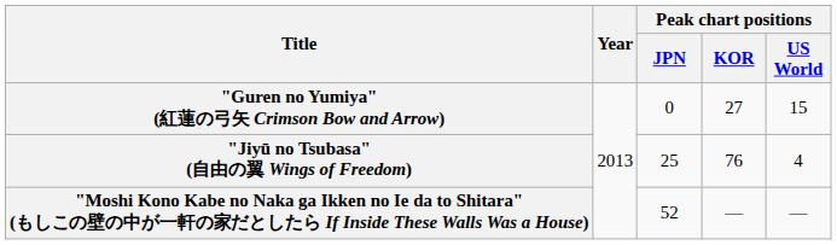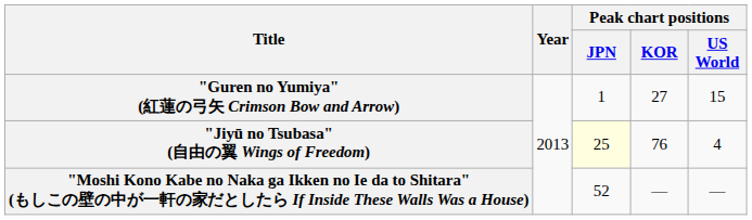 <table class="wikitable plainrowheaders" style="text-align:center;">
 <tr>
 <th scope="col" rowspan="2">Title</th>
 <th scope="col" rowspan="2">Year</th>
 <th scope="col" colspan="3">Peak chart positions</th>
 </tr>
 <tr>
 <th scope="col" style="width:50px"><a href='#'>JPN</a></th>
 <th scope="col" style="width:50px"><a href='#'>KOR</a></th>
 <th scope="col" style="width:50px"><a href='#'>US World</a></th>
 </tr>
 <tr>
 <th scope="row">"Guren no Yumiya"<br>(紅蓮の弓矢 <em>Crimson Bow and Arrow</em>)</th>
 <td rowspan="3">2013</td>
-<td>0</td>
+<td>1</td>
 <td>27</td>
 <td>15</td>
 </tr>
 <tr>
 <th scope="row">"Jiyū no Tsubasa"<br>(自由の翼 <em>Wings of Freedom</em>)</th>
-<td>25</td>
+<td style="background: lightyellow;">25</td>
 <td>76</td>
 <td>4</td>
 </tr>
 <tr>
 <th scope="row">"Moshi Kono Kabe no Naka ga Ikken no Ie da to Shitara"<br>(もしこの壁の中が一軒の家だとしたら <em>If Inside These Walls Was a House</em>)</th>
 <td>52</td>
 <td>—</td>
 <td>—</td>
 </tr>
 </table>
